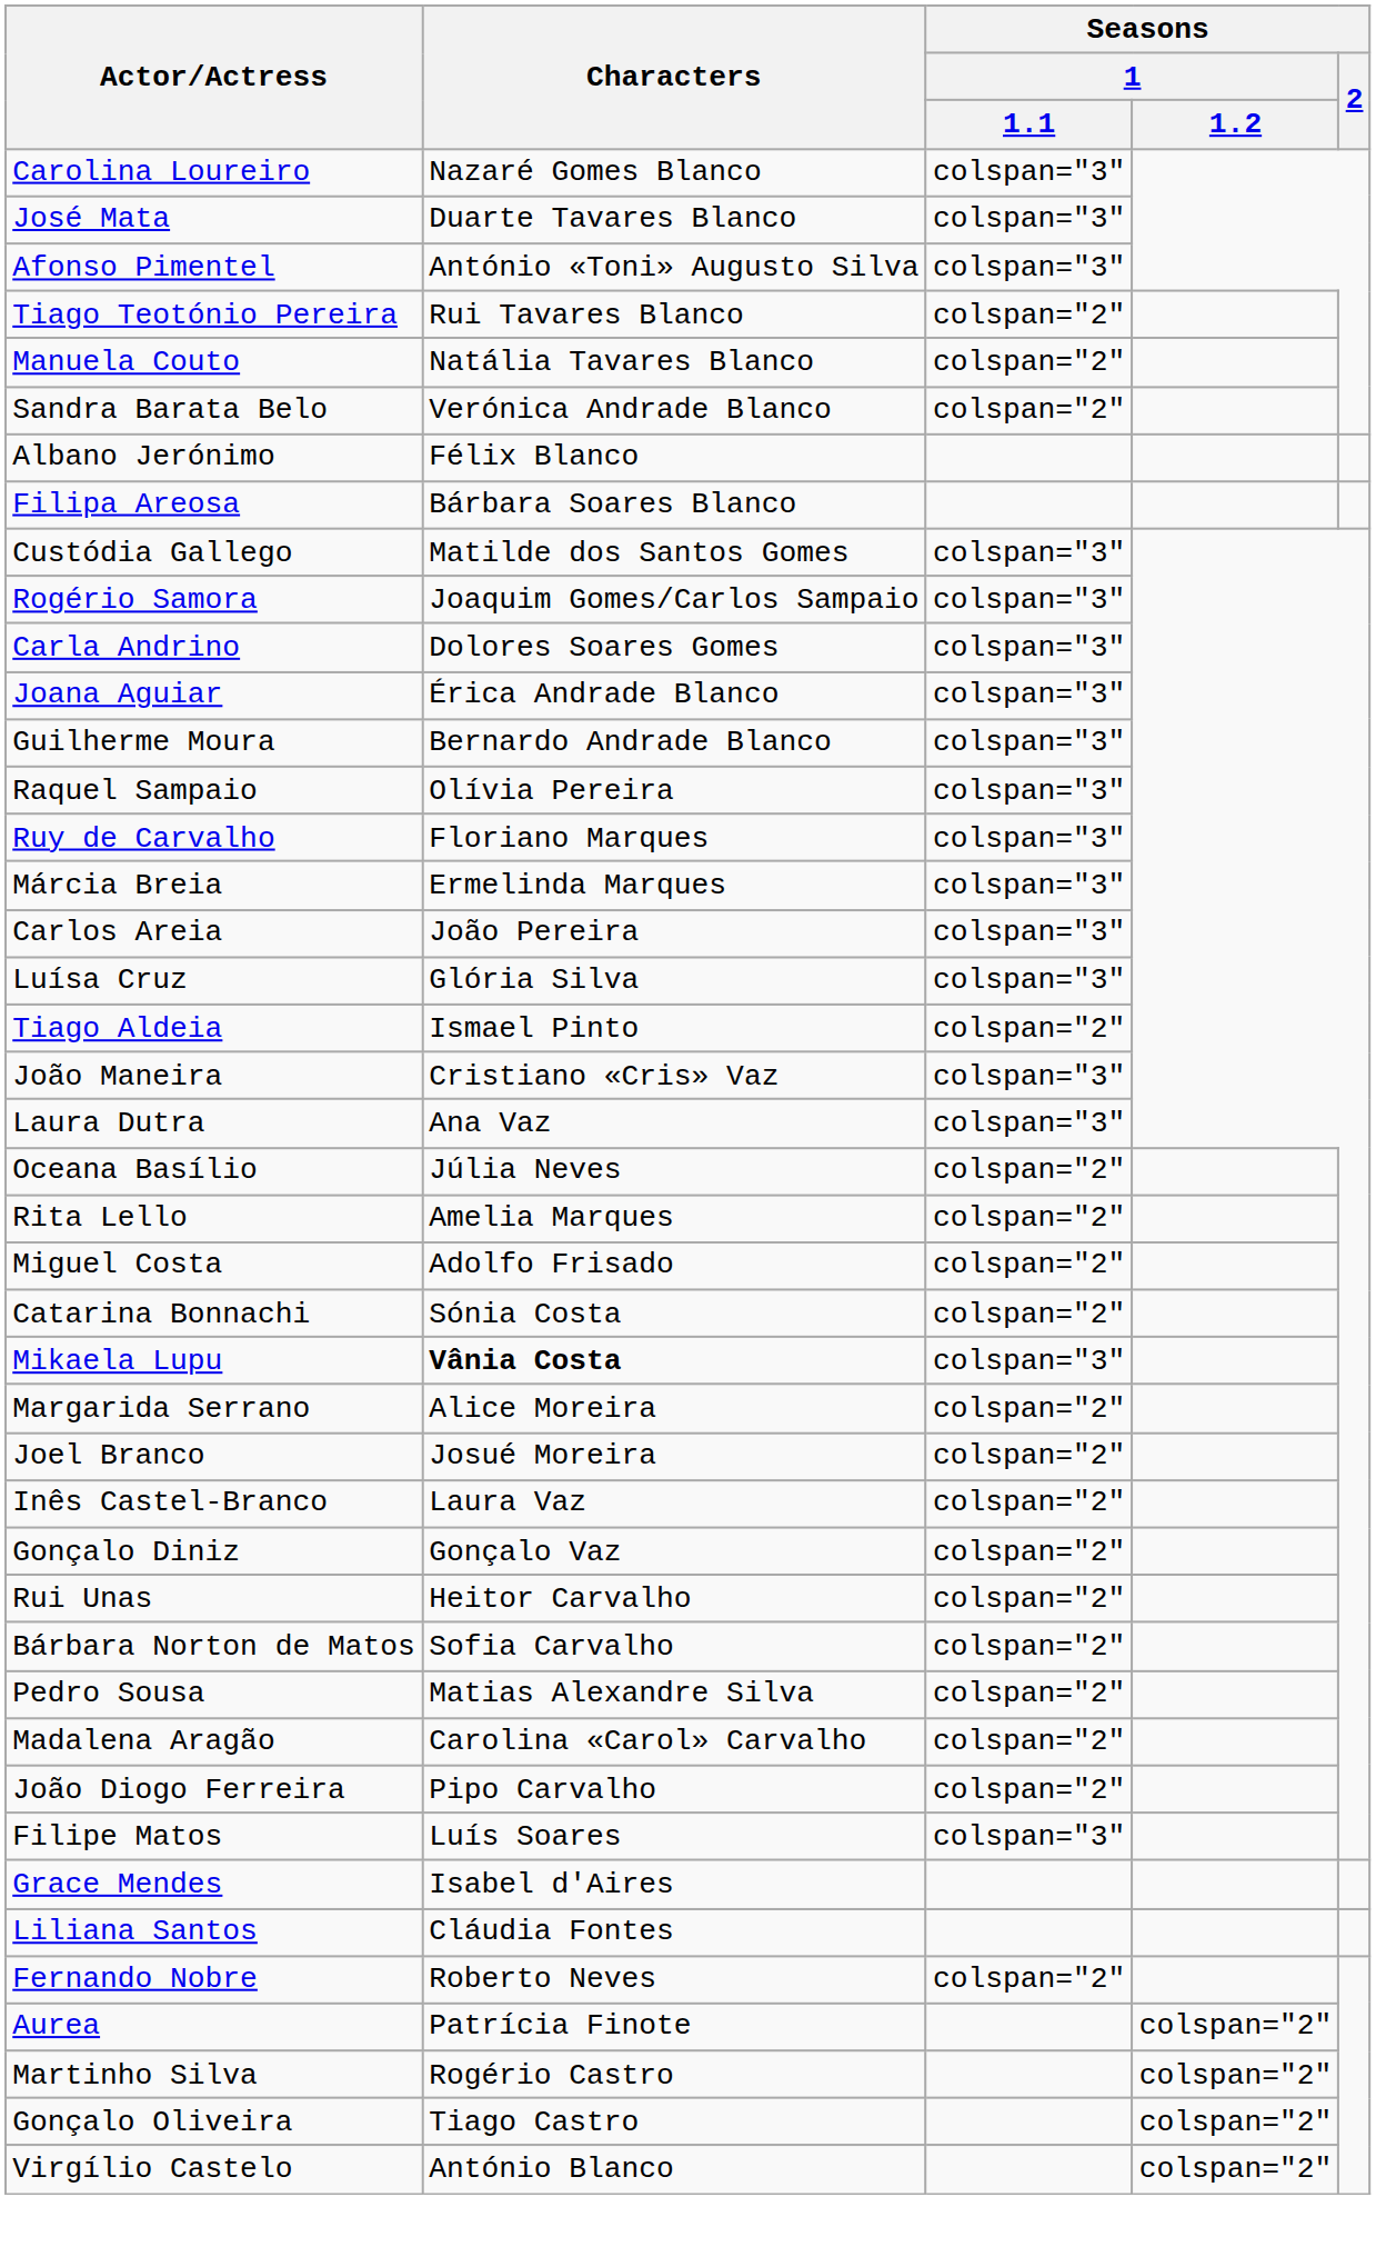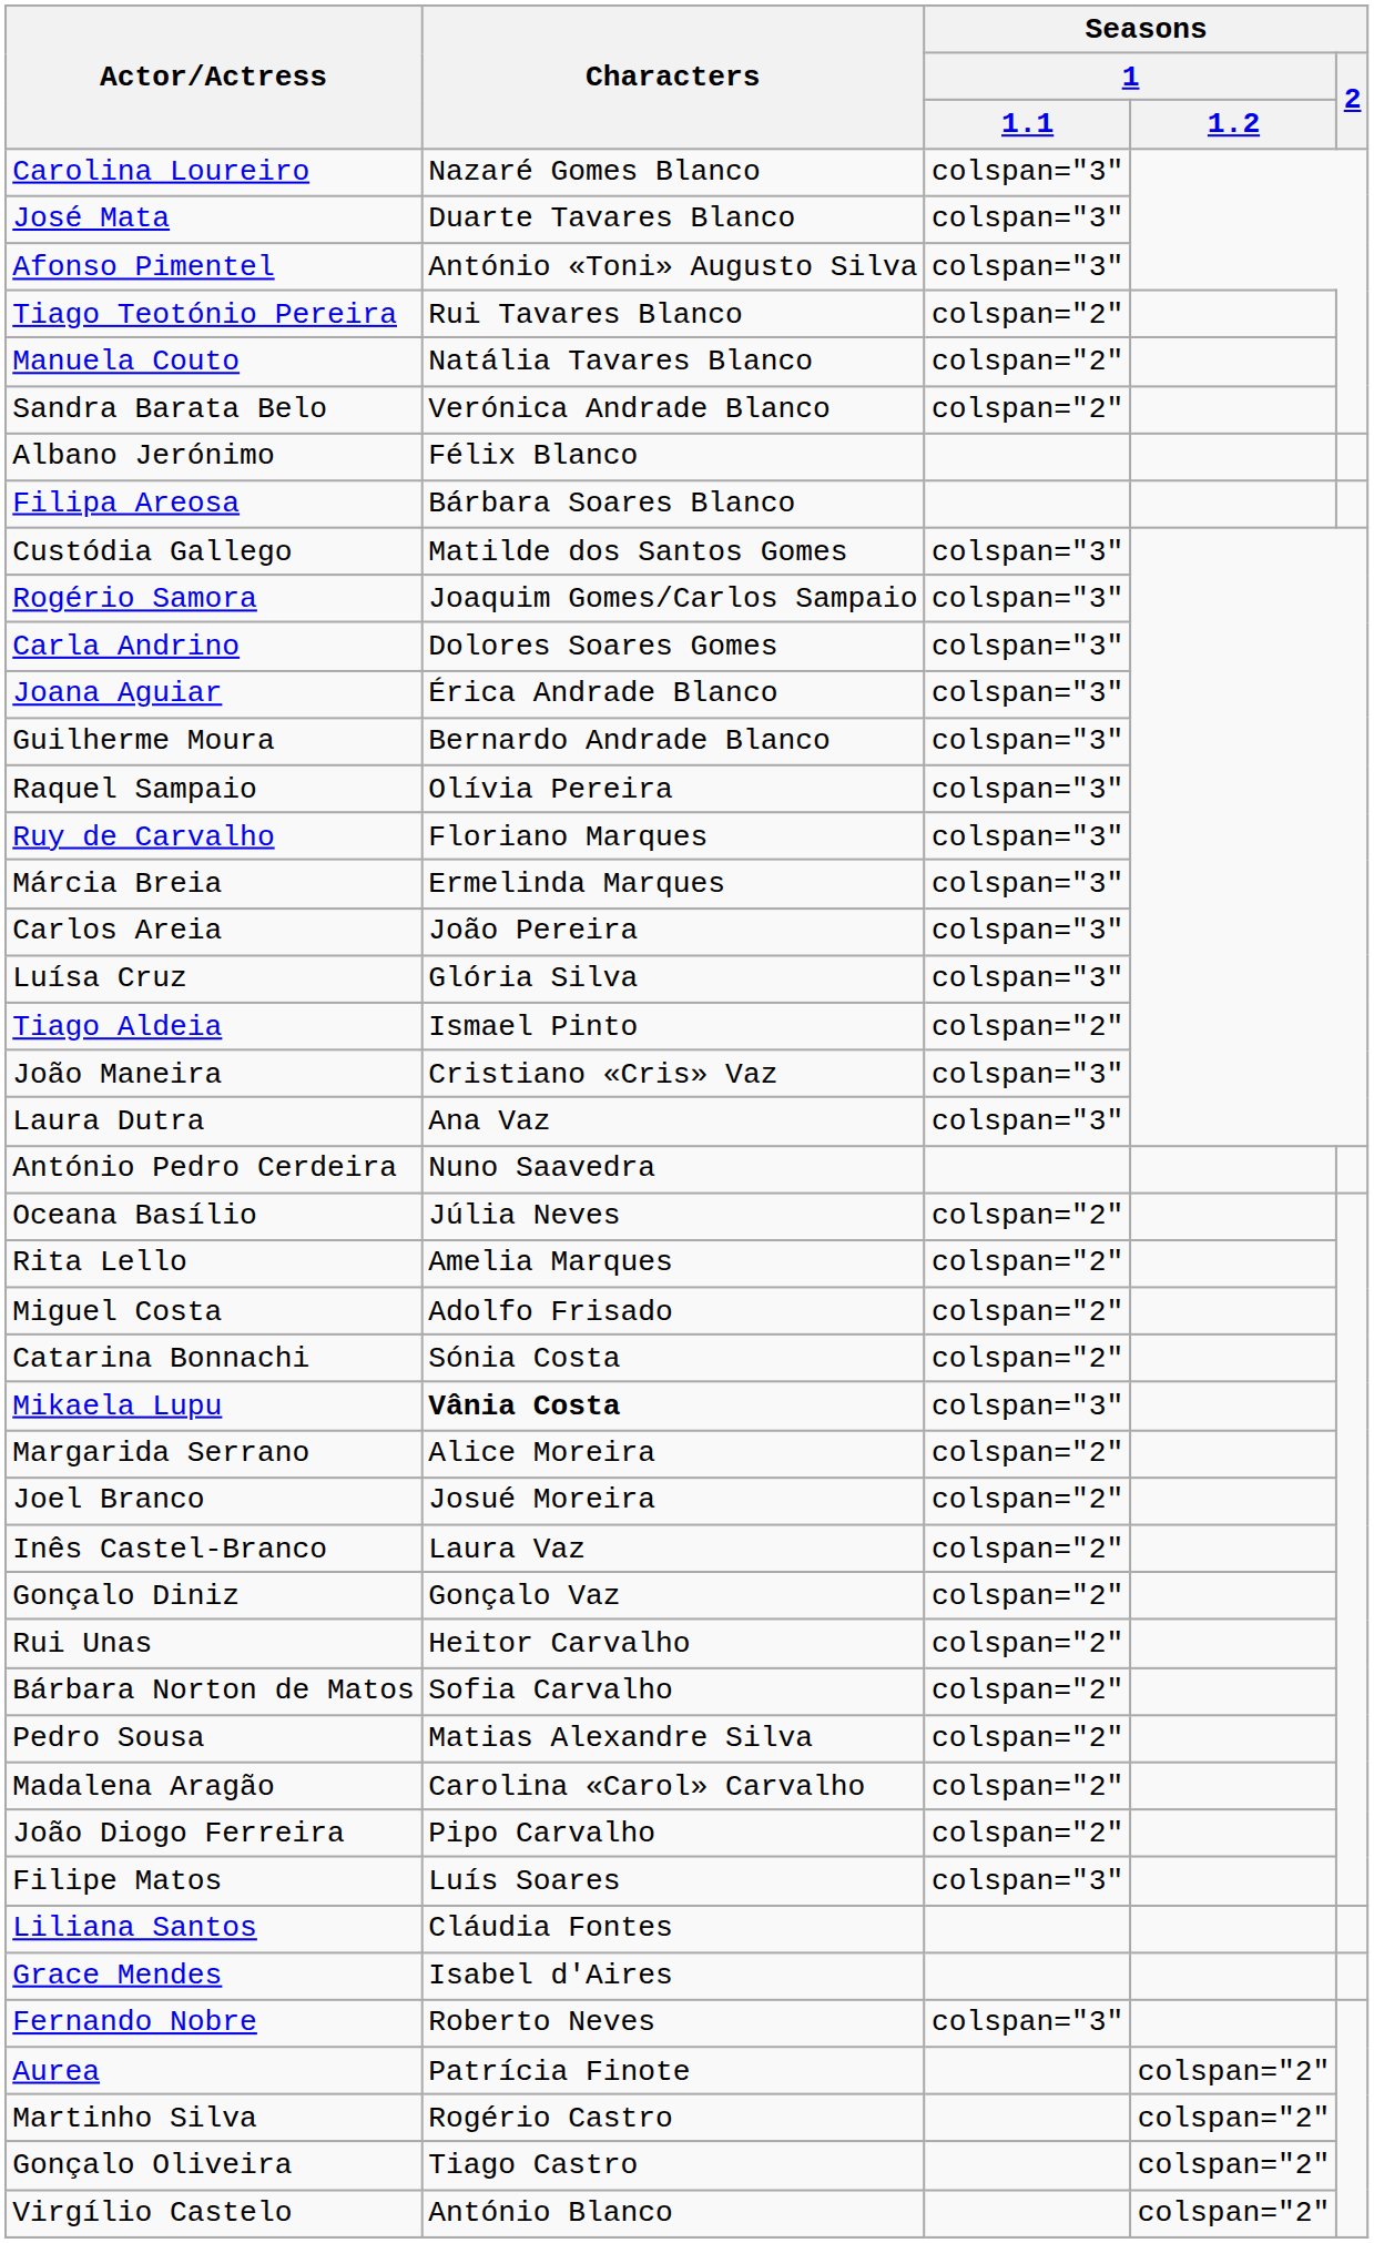 <table class="wikitable sortable">
 <tr>
 <th rowspan="3">Actor/Actress</th>
 <th rowspan="3">Characters</th>
 <th colspan="3">Seasons</th>
 </tr>
 <tr>
 <th colspan="2"><a href='#'>1</a></th>
 <th rowspan="2"><a href='#'>2</a></th>
 </tr>
 <tr>
 <th><a href='#'>1.1</a></th>
 <th><a href='#'>1.2</a></th>
 </tr>
 <tr>
 <td><a href='#'>Carolina Loureiro</a></td>
 <td>Nazaré Gomes Blanco</td>
 <td>colspan="3" </td>
 </tr>
 <tr>
 <td><a href='#'>José Mata</a></td>
 <td>Duarte Tavares Blanco</td>
 <td>colspan="3" </td>
 </tr>
 <tr>
 <td><a href='#'>Afonso Pimentel</a></td>
 <td>António «Toni» Augusto Silva</td>
 <td>colspan="3" </td>
 </tr>
 <tr>
 <td><a href='#'>Tiago Teotónio Pereira</a></td>
 <td>Rui Tavares Blanco</td>
 <td>colspan="2" </td>
 <td></td>
 </tr>
 <tr>
 <td><a href='#'>Manuela Couto</a></td>
 <td>Natália Tavares Blanco</td>
 <td>colspan="2" </td>
 <td></td>
 </tr>
 <tr>
 <td>Sandra Barata Belo</td>
 <td>Verónica Andrade  Blanco</td>
 <td>colspan="2" </td>
 <td></td>
 </tr>
 <tr>
 <td>Albano Jerónimo</td>
 <td>Félix Blanco</td>
 <td></td>
 <td></td>
 <td></td>
 </tr>
 <tr>
 <td><a href='#'>Filipa Areosa</a></td>
 <td>Bárbara Soares Blanco</td>
 <td></td>
 <td></td>
 <td></td>
 </tr>
 <tr>
 <td>Custódia Gallego</td>
 <td>Matilde dos Santos Gomes</td>
 <td>colspan="3" </td>
 </tr>
 <tr>
 <td><a href='#'>Rogério Samora</a></td>
 <td>Joaquim Gomes/Carlos Sampaio</td>
 <td>colspan="3" </td>
 </tr>
 <tr>
 <td><a href='#'>Carla Andrino</a></td>
 <td>Dolores Soares Gomes</td>
 <td>colspan="3" </td>
 </tr>
 <tr>
 <td><a href='#'>Joana Aguiar</a></td>
 <td>Érica Andrade Blanco</td>
 <td>colspan="3" </td>
 </tr>
 <tr>
 <td>Guilherme Moura</td>
 <td>Bernardo Andrade Blanco</td>
 <td>colspan="3" </td>
 </tr>
 <tr>
 <td>Raquel Sampaio</td>
 <td>Olívia Pereira</td>
 <td>colspan="3" </td>
 </tr>
 <tr>
 <td><a href='#'>Ruy de Carvalho</a></td>
 <td>Floriano Marques</td>
 <td>colspan="3" </td>
 </tr>
 <tr>
 <td>Márcia Breia</td>
 <td>Ermelinda Marques</td>
 <td>colspan="3" </td>
 </tr>
 <tr>
 <td>Carlos Areia</td>
 <td>João Pereira</td>
 <td>colspan="3" </td>
 </tr>
 <tr>
 <td>Luísa Cruz</td>
 <td>Glória Silva</td>
 <td>colspan="3" </td>
 </tr>
 <tr>
 <td><a href='#'>Tiago Aldeia</a></td>
 <td>Ismael Pinto</td>
 <td>colspan="2" </td>
 </tr>
 <tr>
 <td>João Maneira</td>
 <td>Cristiano «Cris» Vaz</td>
 <td>colspan="3" </td>
 </tr>
 <tr>
 <td>Laura Dutra</td>
 <td>Ana Vaz</td>
 <td>colspan="3" </td>
 </tr>
 <tr>
+<td>António Pedro Cerdeira</td>
+<td>Nuno Saavedra</td>
+<td></td>
+<td></td>
+<td></td>
+</tr>
+<tr>
 <td>Oceana Basílio</td>
 <td>Júlia Neves</td>
 <td>colspan="2" </td>
 <td></td>
 </tr>
 <tr>
 <td>Rita Lello</td>
 <td>Amelia Marques</td>
 <td>colspan="2" </td>
 <td></td>
 </tr>
 <tr>
 <td>Miguel Costa</td>
 <td>Adolfo Frisado</td>
 <td>colspan="2" </td>
 <td></td>
 </tr>
 <tr>
 <td>Catarina Bonnachi</td>
 <td>Sónia Costa</td>
 <td>colspan="2" </td>
 <td></td>
 </tr>
 <tr>
 <td><a href='#'>Mikaela Lupu</a></td>
 <td><strong>Vânia Costa</strong></td>
 <td>colspan="3" </td>
 <td></td>
 </tr>
 <tr>
 <td>Margarida Serrano</td>
 <td>Alice Moreira</td>
 <td>colspan="2" </td>
 <td></td>
 </tr>
 <tr>
 <td>Joel Branco</td>
 <td>Josué Moreira</td>
 <td>colspan="2" </td>
 <td></td>
 </tr>
 <tr>
 <td>Inês Castel-Branco</td>
 <td>Laura Vaz</td>
 <td>colspan="2" </td>
 <td></td>
 </tr>
 <tr>
 <td>Gonçalo Diniz</td>
 <td>Gonçalo Vaz</td>
 <td>colspan="2" </td>
 <td></td>
 </tr>
 <tr>
 <td>Rui Unas</td>
 <td>Heitor Carvalho</td>
 <td>colspan="2" </td>
 <td></td>
 </tr>
 <tr>
 <td>Bárbara Norton de Matos</td>
 <td>Sofia Carvalho</td>
 <td>colspan="2" </td>
 <td></td>
 </tr>
 <tr>
 <td>Pedro Sousa</td>
 <td>Matias Alexandre Silva</td>
 <td>colspan="2" </td>
 <td></td>
 </tr>
 <tr>
 <td>Madalena Aragão</td>
 <td>Carolina «Carol» Carvalho</td>
 <td>colspan="2" </td>
 <td></td>
 </tr>
 <tr>
 <td>João Diogo Ferreira</td>
 <td>Pipo Carvalho</td>
 <td>colspan="2" </td>
 <td></td>
 </tr>
 <tr>
 <td>Filipe Matos</td>
 <td>Luís Soares</td>
 <td>colspan="3" </td>
 <td></td>
 </tr>
 <tr>
+<td><a href='#'>Liliana Santos</a></td>
+<td>Cláudia Fontes</td>
+<td></td>
+<td></td>
+<td></td>
+</tr>
+<tr>
 <td><a href='#'>Grace Mendes</a></td>
 <td>Isabel d'Aires</td>
 <td></td>
 <td></td>
 <td></td>
 </tr>
 <tr>
-<td><a href='#'>Liliana Santos</a></td>
-<td>Cláudia Fontes</td>
-<td></td>
-<td></td>
-<td></td>
-</tr>
-<tr>
 <td><a href='#'>Fernando Nobre</a></td>
 <td>Roberto Neves</td>
-<td>colspan="2" </td>
+<td>colspan="3" </td>
 <td></td>
 </tr>
 <tr>
 <td><a href='#'>Aurea</a></td>
 <td>Patrícia Finote</td>
 <td></td>
 <td>colspan="2" </td>
 </tr>
 <tr>
 <td>Martinho Silva</td>
 <td>Rogério Castro</td>
 <td></td>
 <td>colspan="2" </td>
 </tr>
 <tr>
 <td>Gonçalo Oliveira</td>
 <td>Tiago Castro</td>
 <td></td>
 <td>colspan="2" </td>
 </tr>
 <tr>
 <td>Virgílio Castelo</td>
 <td>António Blanco</td>
 <td></td>
 <td>colspan="2" </td>
 </tr>
 </table>
